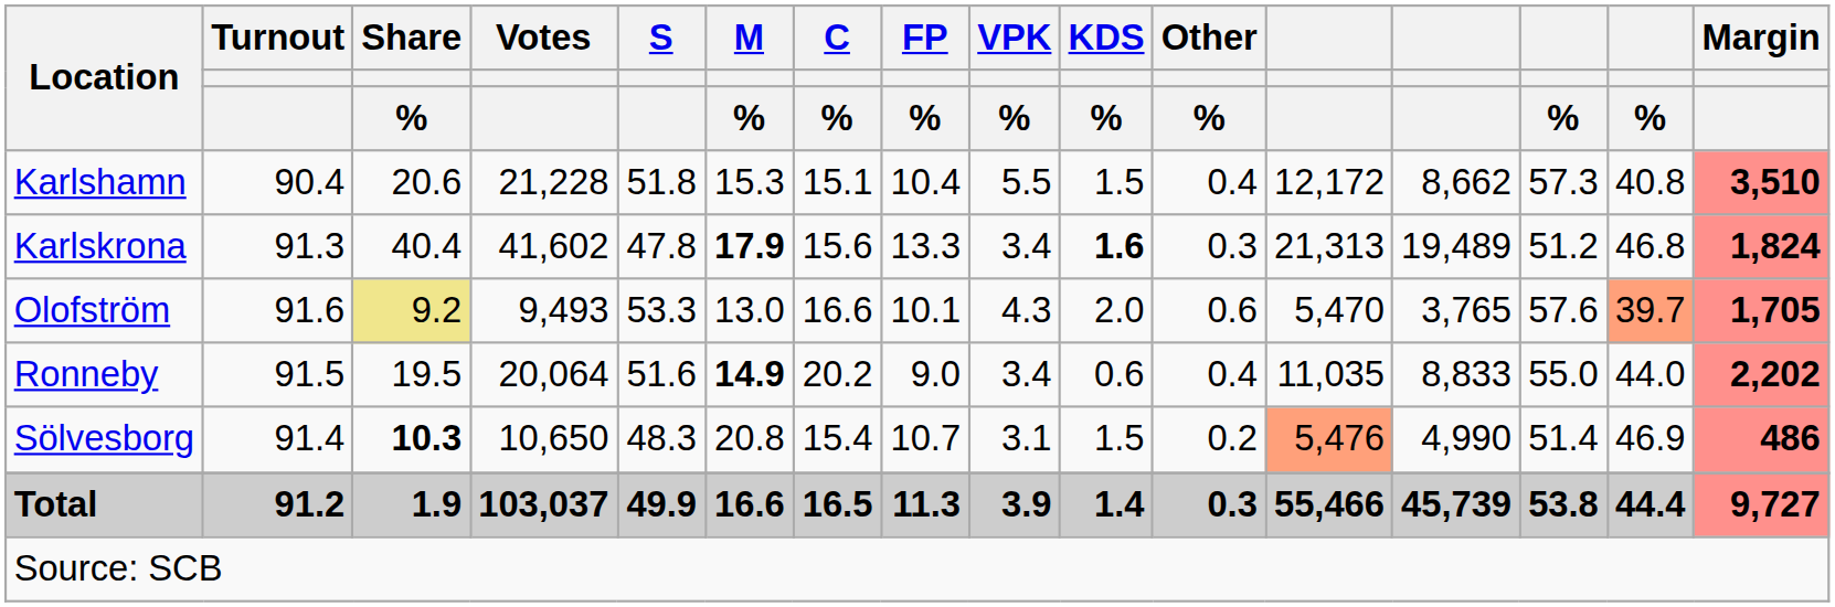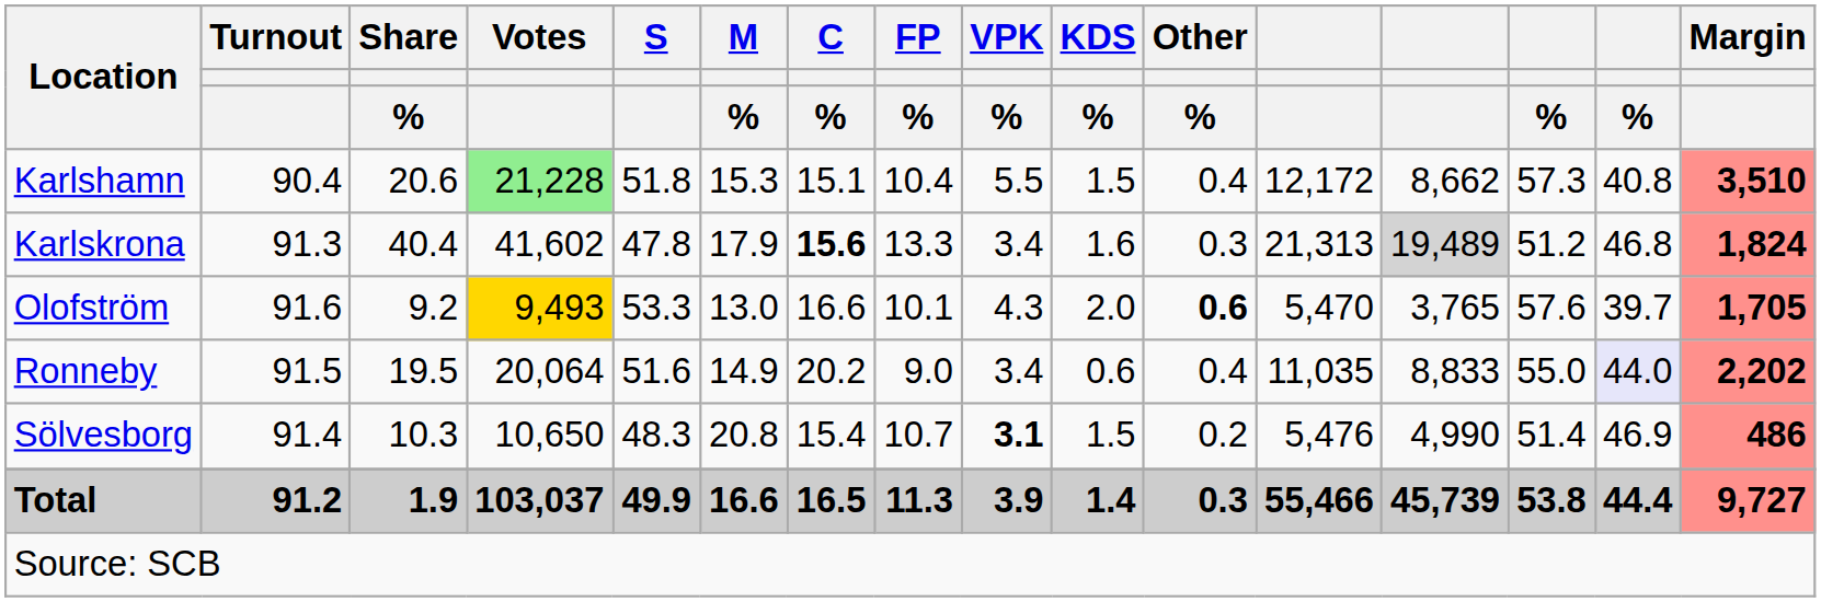 <table class="wikitable sortable" style="text-align:right; font-size:95%; line-height:20px;">
 <tr>
 <th rowspan="3">Location</th>
 <th>Turnout</th>
 <th>Share</th>
 <th>Votes</th>
 <th width="30px" class="unsortable"><a href='#'>S</a></th>
 <th width="30px" class="unsortable"><a href='#'>M</a></th>
 <th width="30px" class="unsortable"><a href='#'>C</a></th>
 <th width="30px" class="unsortable"><a href='#'>FP</a></th>
 <th width="30px" class="unsortable"><a href='#'>VPK</a></th>
 <th width="30px" class="unsortable"><a href='#'>KDS</a></th>
 <th width="30px" class="unsortable">Other</th>
 <th></th>
 <th></th>
 <th></th>
 <th></th>
 <th>Margin</th>
 </tr>
 <tr>
 <th></th>
 <th></th>
 <th></th>
 <th style="background:"></th>
 <th style="background:"></th>
 <th style="background:"></th>
 <th style="background:"></th>
 <th style="background:"></th>
 <th style="background:"></th>
 <th style="background:"></th>
 <th style="background:"></th>
 <th style="background:"></th>
 <th style="background:"></th>
 <th style="background:"></th>
 <th></th>
 </tr>
 <tr>
 <th></th>
 <th data-sort-type="number">%</th>
 <th data-sort-type="number"></th>
 <th></th>
 <th data-sort-type="number">%</th>
 <th data-sort-type="number">%</th>
 <th data-sort-type="number">%</th>
 <th data-sort-type="number">%</th>
 <th data-sort-type="number">%</th>
 <th data-sort-type="number">%</th>
 <th data-sort-type="number"></th>
 <th data-sort-type="number"></th>
 <th data-sort-type="number">%</th>
 <th data-sort-type="number">%</th>
 <th data-sort-type="number"></th>
 </tr>
 <tr>
 <td align=left><a href='#'>Karlshamn</a></td>
 <td>90.4</td>
 <td>20.6</td>
-<td>21,228</td>
+<td style="background: lightgreen;">21,228</td>
 <td>51.8</td>
 <td>15.3</td>
 <td>15.1</td>
 <td>10.4</td>
 <td>5.5</td>
 <td>1.5</td>
 <td>0.4</td>
 <td>12,172</td>
 <td>8,662</td>
 <td>57.3</td>
 <td>40.8</td>
 <td bgcolor=#ff908c><strong>3,510</strong></td>
 </tr>
 <tr>
 <td align=left><a href='#'>Karlskrona</a></td>
 <td>91.3</td>
 <td>40.4</td>
 <td>41,602</td>
 <td>47.8</td>
-<td><strong>17.9</strong></td>
-<td>15.6</td>
+<td>17.9</td>
+<td><strong>15.6</strong></td>
 <td>13.3</td>
 <td>3.4</td>
-<td><strong>1.6</strong></td>
+<td>1.6</td>
 <td>0.3</td>
 <td>21,313</td>
-<td>19,489</td>
+<td style="background: lightgrey;">19,489</td>
 <td>51.2</td>
 <td>46.8</td>
 <td bgcolor=#ff908c><strong>1,824</strong></td>
 </tr>
 <tr>
 <td align=left><a href='#'>Olofström</a></td>
 <td>91.6</td>
-<td style="background: khaki;">9.2</td>
-<td>9,493</td>
+<td>9.2</td>
+<td style="background: gold;">9,493</td>
 <td>53.3</td>
 <td>13.0</td>
 <td>16.6</td>
 <td>10.1</td>
 <td>4.3</td>
 <td>2.0</td>
-<td>0.6</td>
+<td><strong>0.6</strong></td>
 <td>5,470</td>
 <td>3,765</td>
 <td>57.6</td>
-<td style="background: lightsalmon;">39.7</td>
+<td>39.7</td>
 <td bgcolor=#ff908c><strong>1,705</strong></td>
 </tr>
 <tr>
 <td align=left><a href='#'>Ronneby</a></td>
 <td>91.5</td>
 <td>19.5</td>
 <td>20,064</td>
 <td>51.6</td>
-<td><strong>14.9</strong></td>
+<td>14.9</td>
 <td>20.2</td>
 <td>9.0</td>
 <td>3.4</td>
 <td>0.6</td>
 <td>0.4</td>
 <td>11,035</td>
 <td>8,833</td>
 <td>55.0</td>
-<td>44.0</td>
+<td style="background: lavender;">44.0</td>
 <td bgcolor=#ff908c><strong>2,202</strong></td>
 </tr>
 <tr>
 <td align=left><a href='#'>Sölvesborg</a></td>
 <td>91.4</td>
-<td><strong>10.3</strong></td>
+<td>10.3</td>
 <td>10,650</td>
 <td>48.3</td>
 <td>20.8</td>
 <td>15.4</td>
 <td>10.7</td>
-<td>3.1</td>
+<td><strong>3.1</strong></td>
 <td>1.5</td>
 <td>0.2</td>
-<td style="background: lightsalmon;">5,476</td>
+<td>5,476</td>
 <td>4,990</td>
 <td>51.4</td>
 <td>46.9</td>
 <td bgcolor=#ff908c><strong>486</strong></td>
 </tr>
 <tr>
 </tr>
 <tr style="background:#CDCDCD;">
 <td align=left><strong>Total</strong></td>
 <td><strong>91.2</strong></td>
 <td><strong>1.9</strong></td>
 <td><strong>103,037</strong></td>
 <td><strong>49.9</strong></td>
 <td><strong>16.6</strong></td>
 <td><strong>16.5</strong></td>
 <td><strong>11.3</strong></td>
 <td><strong>3.9</strong></td>
 <td><strong>1.4</strong></td>
 <td><strong>0.3</strong></td>
 <td><strong>55,466</strong></td>
 <td><strong>45,739</strong></td>
 <td><strong>53.8</strong></td>
 <td><strong>44.4</strong></td>
 <td bgcolor=#ff908c><strong>9,727</strong></td>
 </tr>
 <tr>
 <td align=left colspan=16>Source: SCB </td>
 </tr>
 </table>
